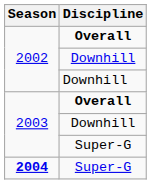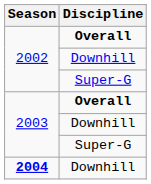 <table class=wikitable style="font-size:95%;">
 <tr>
 <th>Season</th>
 <th>Discipline</th>
 </tr>
 <tr align=center>
 <td rowspan=3><a href='#'>2002</a></td>
 <td><strong>Overall</strong></td>
 </tr>
 <tr>
 <td align=center><a href='#'>Downhill</a></td>
 </tr>
 <tr>
-<td>Downhill</td>
+<td align=center><a href='#'>Super-G</a></td>
 </tr>
 <tr align=center>
 <td rowspan=3><a href='#'>2003</a></td>
 <td><strong>Overall</strong></td>
 </tr>
 <tr>
 <td align=center>Downhill</td>
 </tr>
 <tr>
 <td align=center>Super-G</td>
 </tr>
 <tr align=center>
 <td><strong><a href='#'>2004</a></strong></td>
-<td align=center><a href='#'>Super-G</a></td>
+<td>Downhill</td>
 </tr>
 </table>
